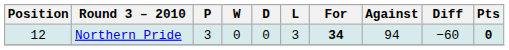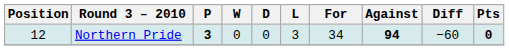 <table class="wikitable" style="text-align:center; font-size:85%;">
 <tr>
 <th width=40 abbr="Position">Position</th>
 <th width=100>Round 3 – 2010</th>
 <th width=20 abbr="Played">P</th>
 <th width=20 abbr="Won">W</th>
 <th width=20 abbr="Drawn">D</th>
 <th width=20 abbr="Lost">L</th>
 <th width=40 abbr="Points for">For</th>
 <th width=40 abbr="Points against">Against</th>
 <th width=40 abbr="Points difference">Diff</th>
 <th width=20 abbr="Points">Pts</th>
 </tr>
 <tr style="background: #d7ebed;">
 <td>12</td>
 <td style="text-align:left;"> <a href='#'>Northern Pride</a></td>
-<td>3</td>
+<td><strong>3</strong></td>
 <td>0</td>
 <td>0</td>
 <td>3</td>
-<td><strong>34</strong></td>
-<td>94</td>
+<td>34</td>
+<td><strong>94</strong></td>
 <td>−60</td>
 <td><strong>0</strong></td>
 </tr>
 <tr>
 </tr>
 </table>
